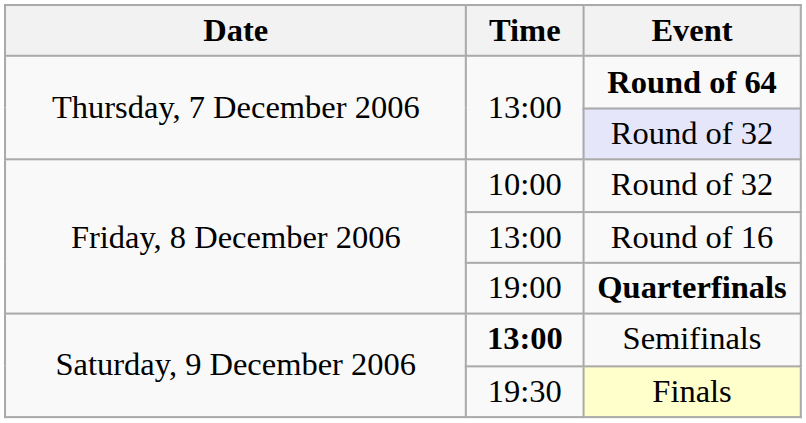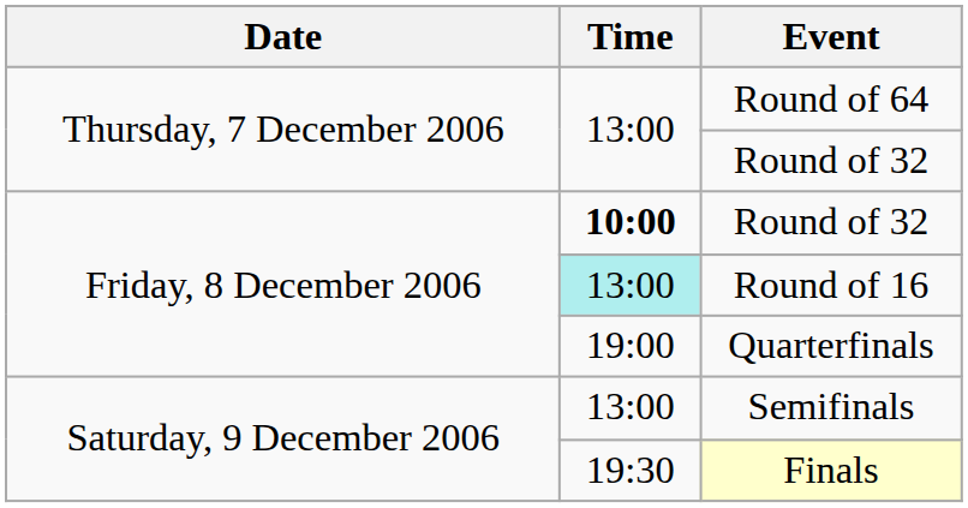 <table class = "wikitable" style="text-align:center;">
 <tr>
 <th width=220>Date</th>
 <th width=50>Time</th>
 <th width=100>Event</th>
 </tr>
 <tr>
 <td rowspan=2>Thursday, 7 December 2006</td>
 <td rowspan=2>13:00</td>
-<td><strong>Round of 64</strong></td>
+<td>Round of 64</td>
 </tr>
 <tr>
-<td style="background: lavender;">Round of 32</td>
+<td>Round of 32</td>
 </tr>
 <tr>
 <td rowspan=3>Friday, 8 December 2006</td>
-<td>10:00</td>
+<td><strong>10:00</strong></td>
 <td>Round of 32</td>
 </tr>
 <tr>
-<td>13:00</td>
+<td style="background: paleturquoise;">13:00</td>
 <td>Round of 16</td>
 </tr>
 <tr>
 <td>19:00</td>
-<td><strong>Quarterfinals</strong></td>
+<td>Quarterfinals</td>
 </tr>
 <tr>
 <td rowspan=2>Saturday, 9 December 2006</td>
-<td><strong>13:00</strong></td>
+<td>13:00</td>
 <td>Semifinals</td>
 </tr>
 <tr>
 <td>19:30</td>
 <td bgcolor=ffffcc>Finals</td>
 </tr>
 </table>
